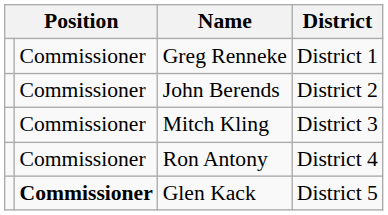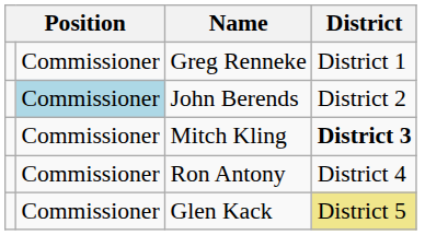 <table class="wikitable">
 <tr>
 <th colspan="2">Position</th>
 <th>Name</th>
 <th>District</th>
 </tr>
 <tr>
 <td></td>
 <td>Commissioner</td>
 <td>Greg Renneke</td>
 <td>District 1</td>
 </tr>
 <tr>
 <td></td>
-<td>Commissioner</td>
+<td style="background: lightblue;">Commissioner</td>
 <td>John Berends</td>
 <td>District 2</td>
 </tr>
 <tr>
 <td></td>
 <td>Commissioner</td>
 <td>Mitch Kling</td>
-<td>District 3</td>
+<td><strong>District 3</strong></td>
 </tr>
 <tr>
 <td></td>
 <td>Commissioner</td>
 <td>Ron Antony</td>
 <td>District 4</td>
 </tr>
 <tr>
 <td></td>
-<td><strong>Commissioner</strong></td>
+<td>Commissioner</td>
 <td>Glen Kack</td>
-<td>District 5</td>
+<td style="background: khaki;">District 5</td>
 </tr>
 </table>
